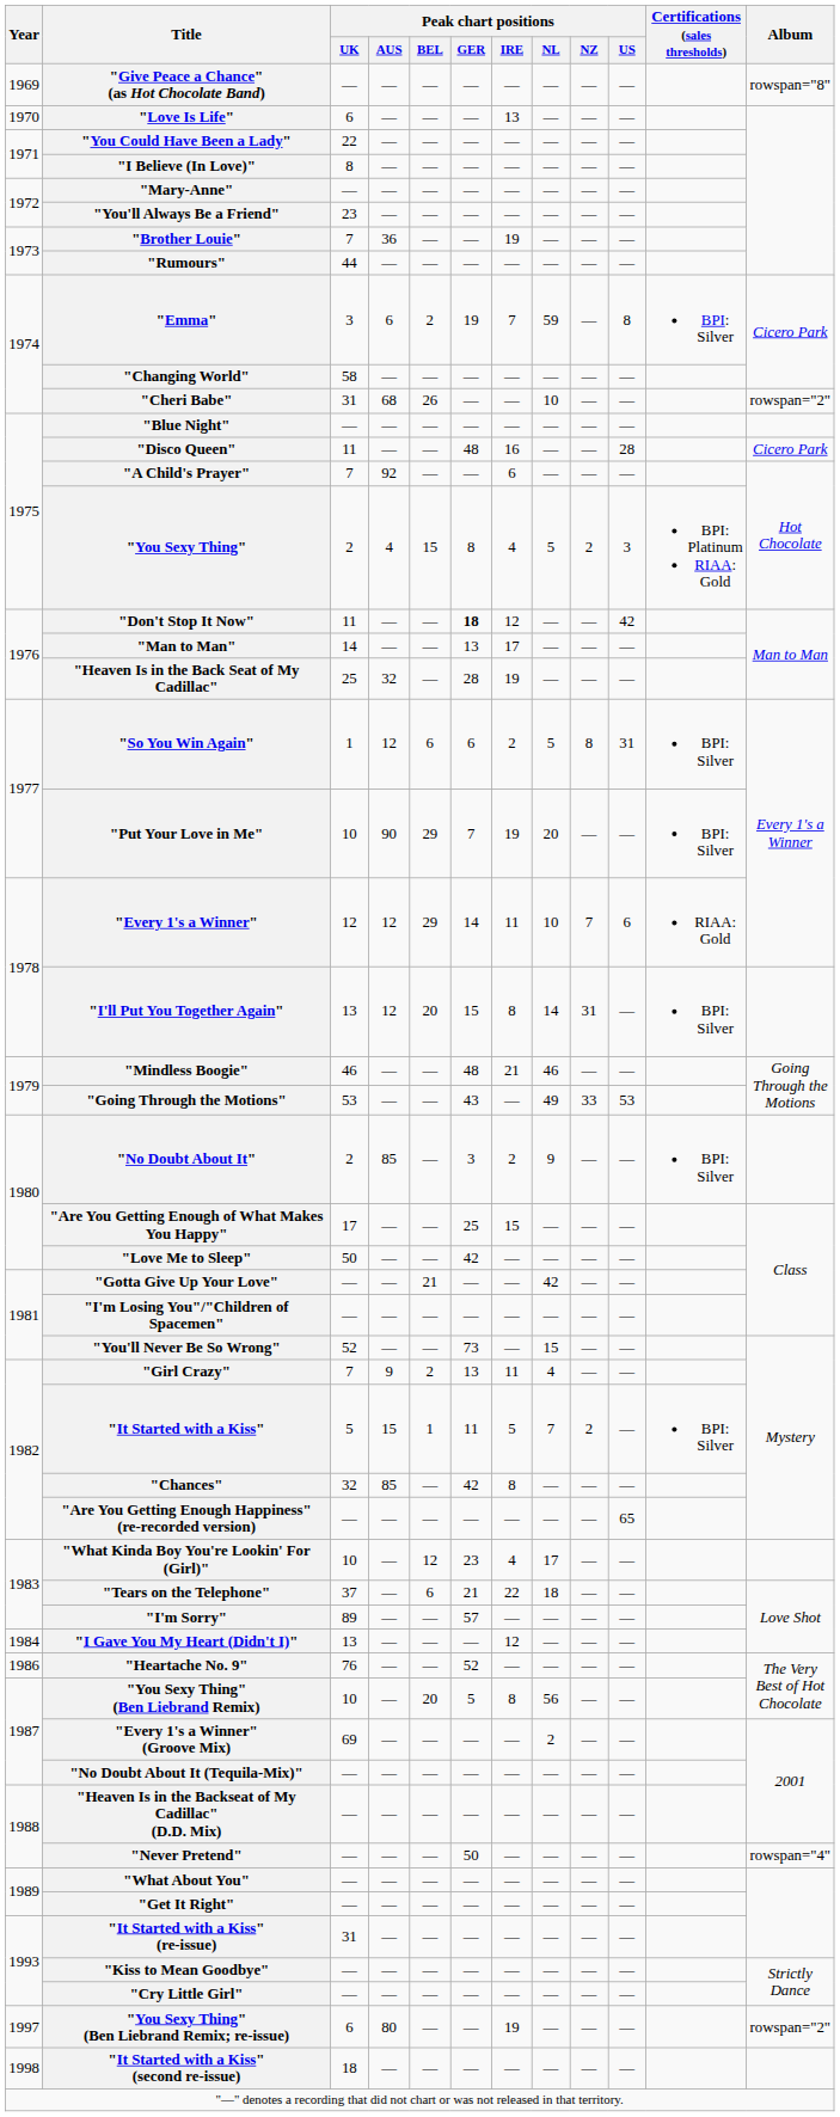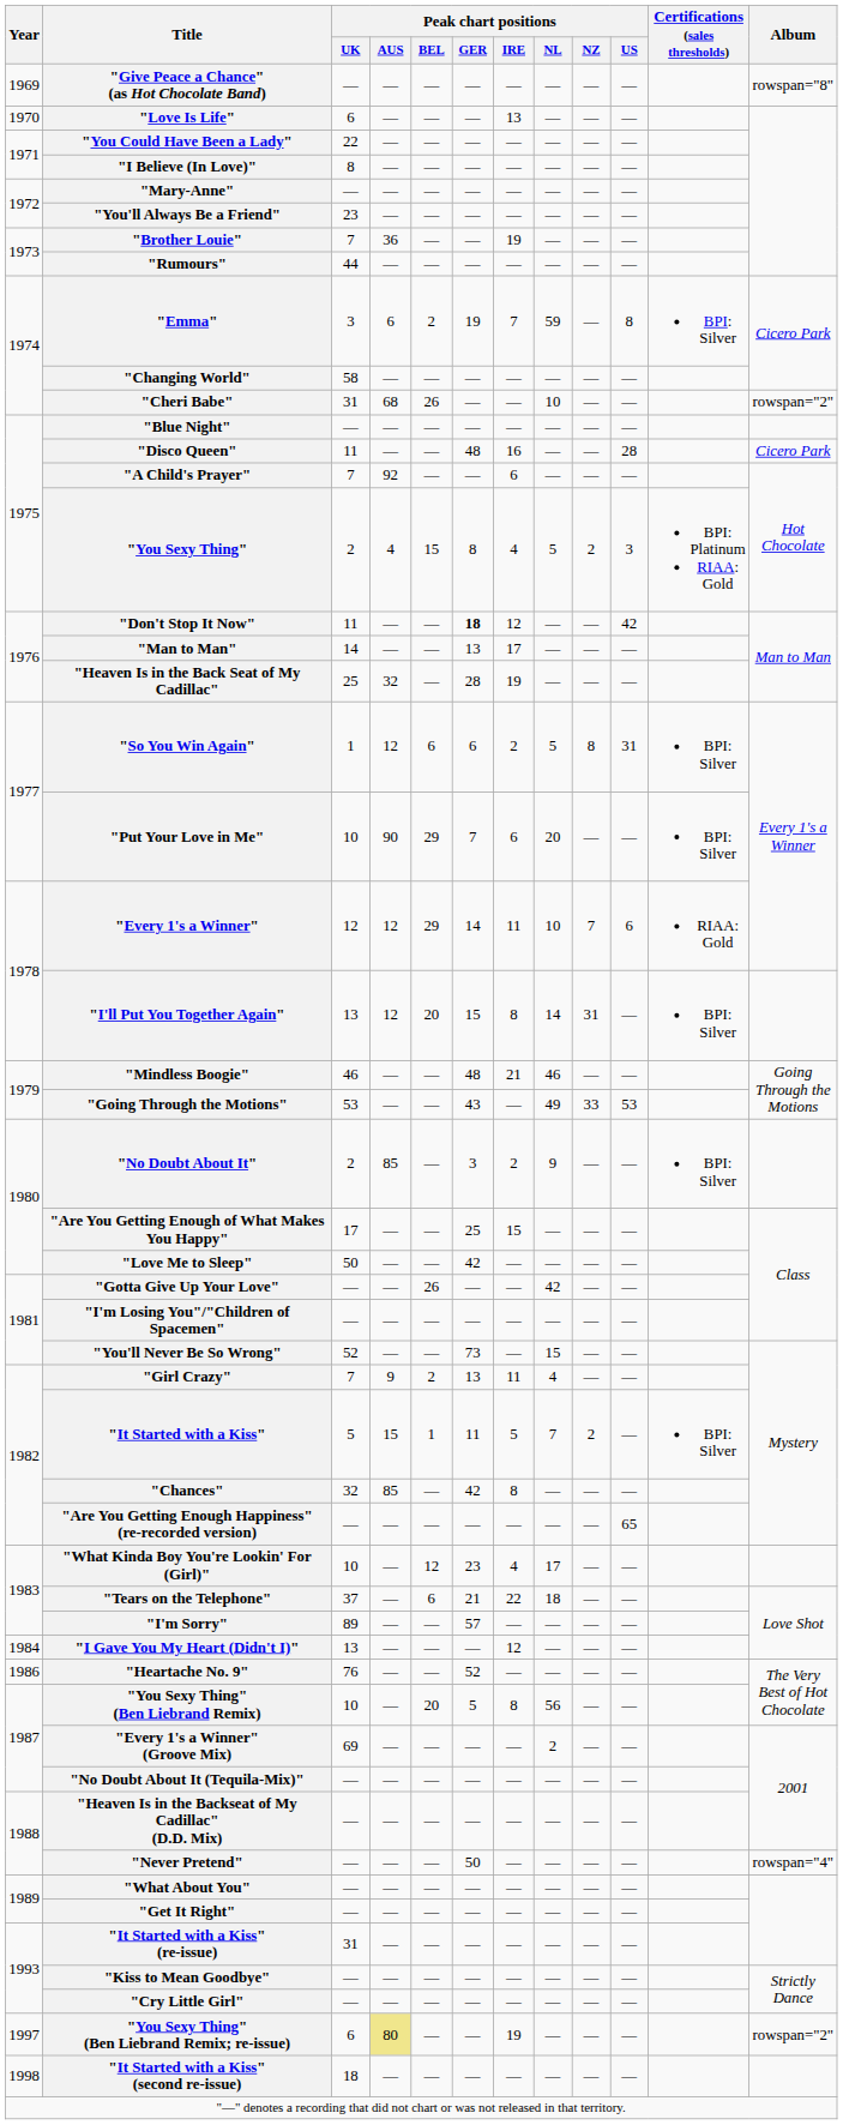 <table class="wikitable plainrowheaders" style="text-align:center;">
 <tr>
 <th scope="col" rowspan="2" style="width:1em;">Year</th>
 <th scope="col" rowspan="2" style="width:24em;">Title</th>
 <th scope="col" colspan="8">Peak chart positions</th>
 <th scope="col" rowspan="2"><a href='#'>Certifications</a><br><small>(<a href='#'>sales thresholds</a>)</small></th>
 <th scope="col" rowspan="2">Album</th>
 </tr>
 <tr>
 <th scope="col" style="width:3em;font-size:85%;"><a href='#'>UK</a><br></th>
 <th scope="col" style="width:3em;font-size:85%;"><a href='#'>AUS</a><br></th>
 <th scope="col" style="width:3em;font-size:85%;"><a href='#'>BEL</a><br></th>
 <th scope="col" style="width:3em;font-size:85%;"><a href='#'>GER</a><br></th>
 <th scope="col" style="width:3em;font-size:85%;"><a href='#'>IRE</a><br></th>
 <th scope="col" style="width:3em;font-size:85%;"><a href='#'>NL</a><br></th>
 <th scope="col" style="width:3em;font-size:85%;"><a href='#'>NZ</a><br></th>
 <th scope="col" style="width:3em;font-size:85%;"><a href='#'>US</a><br></th>
 </tr>
 <tr>
 <td>1969</td>
 <th scope="row">"<a href='#'>Give Peace a Chance</a>"<br><span>(as <em>Hot Chocolate Band</em>)</span></th>
 <td>—</td>
 <td>—</td>
 <td>—</td>
 <td>—</td>
 <td>—</td>
 <td>—</td>
 <td>—</td>
 <td>—</td>
 <td></td>
 <td>rowspan="8" </td>
 </tr>
 <tr>
 <td>1970</td>
 <th scope="row">"<a href='#'>Love Is Life</a>"</th>
 <td>6</td>
 <td>—</td>
 <td>—</td>
 <td>—</td>
 <td>13</td>
 <td>—</td>
 <td>—</td>
 <td>—</td>
 <td></td>
 </tr>
 <tr>
 <td rowspan="2">1971</td>
 <th scope="row">"<a href='#'>You Could Have Been a Lady</a>"</th>
 <td>22</td>
 <td>—</td>
 <td>—</td>
 <td>—</td>
 <td>—</td>
 <td>—</td>
 <td>—</td>
 <td>—</td>
 <td></td>
 </tr>
 <tr>
 <th scope="row">"I Believe (In Love)"</th>
 <td>8</td>
 <td>—</td>
 <td>—</td>
 <td>—</td>
 <td>—</td>
 <td>—</td>
 <td>—</td>
 <td>—</td>
 <td></td>
 </tr>
 <tr>
 <td rowspan="2">1972</td>
 <th scope="row">"Mary-Anne"</th>
 <td>—</td>
 <td>—</td>
 <td>—</td>
 <td>—</td>
 <td>—</td>
 <td>—</td>
 <td>—</td>
 <td>—</td>
 <td></td>
 </tr>
 <tr>
 <th scope="row">"You'll Always Be a Friend"</th>
 <td>23</td>
 <td>—</td>
 <td>—</td>
 <td>—</td>
 <td>—</td>
 <td>—</td>
 <td>—</td>
 <td>—</td>
 <td></td>
 </tr>
 <tr>
 <td rowspan="2">1973</td>
 <th scope="row">"<a href='#'>Brother Louie</a>"</th>
 <td>7</td>
 <td>36</td>
 <td>—</td>
 <td>—</td>
 <td>19</td>
 <td>—</td>
 <td>—</td>
 <td>—</td>
 <td></td>
 </tr>
 <tr>
 <th scope="row">"Rumours"</th>
 <td>44</td>
 <td>—</td>
 <td>—</td>
 <td>—</td>
 <td>—</td>
 <td>—</td>
 <td>—</td>
 <td>—</td>
 <td></td>
 </tr>
 <tr>
 <td rowspan="3">1974</td>
 <th scope="row">"<a href='#'>Emma</a>"</th>
 <td>3</td>
 <td>6</td>
 <td>2</td>
 <td>19</td>
 <td>7</td>
 <td>59</td>
 <td>—</td>
 <td>8</td>
 <td><br><ul><li><a href='#'>BPI</a>: Silver</li></ul></td>
 <td rowspan="2"><em><a href='#'>Cicero Park</a></em></td>
 </tr>
 <tr>
 <th scope="row">"Changing World"</th>
 <td>58</td>
 <td>—</td>
 <td>—</td>
 <td>—</td>
 <td>—</td>
 <td>—</td>
 <td>—</td>
 <td>—</td>
 <td></td>
 </tr>
 <tr>
 <th scope="row">"Cheri Babe"</th>
 <td>31</td>
 <td>68</td>
 <td>26</td>
 <td>—</td>
 <td>—</td>
 <td>10</td>
 <td>—</td>
 <td>—</td>
 <td></td>
 <td>rowspan="2" </td>
 </tr>
 <tr>
 <td rowspan="4">1975</td>
 <th scope="row">"Blue Night"</th>
 <td>—</td>
 <td>—</td>
 <td>—</td>
 <td>—</td>
 <td>—</td>
 <td>—</td>
 <td>—</td>
 <td>—</td>
 <td></td>
 </tr>
 <tr>
 <th scope="row">"Disco Queen"</th>
 <td>11</td>
 <td>—</td>
 <td>—</td>
 <td>48</td>
 <td>16</td>
 <td>—</td>
 <td>—</td>
 <td>28</td>
 <td></td>
 <td><em><a href='#'>Cicero Park</a></em></td>
 </tr>
 <tr>
 <th scope="row">"A Child's Prayer"</th>
 <td>7</td>
 <td>92</td>
 <td>—</td>
 <td>—</td>
 <td>6</td>
 <td>—</td>
 <td>—</td>
 <td>—</td>
 <td></td>
 <td rowspan="2"><em><a href='#'>Hot Chocolate</a></em></td>
 </tr>
 <tr>
 <th scope="row">"<a href='#'>You Sexy Thing</a>"</th>
 <td>2</td>
 <td>4</td>
 <td>15</td>
 <td>8</td>
 <td>4</td>
 <td>5</td>
 <td>2</td>
 <td>3</td>
 <td><br><ul><li>BPI: Platinum</li><li><a href='#'>RIAA</a>: Gold</li></ul></td>
 </tr>
 <tr>
 <td rowspan="3">1976</td>
 <th scope="row">"Don't Stop It Now"</th>
 <td>11</td>
 <td>—</td>
 <td>—</td>
 <td><strong>18</strong></td>
 <td>12</td>
 <td>—</td>
 <td>—</td>
 <td>42</td>
 <td></td>
 <td rowspan="3"><em><a href='#'>Man to Man</a></em></td>
 </tr>
 <tr>
 <th scope="row">"Man to Man"</th>
 <td>14</td>
 <td>—</td>
 <td>—</td>
 <td>13</td>
 <td>17</td>
 <td>—</td>
 <td>—</td>
 <td>—</td>
 <td></td>
 </tr>
 <tr>
 <th scope="row">"Heaven Is in the Back Seat of My Cadillac"</th>
 <td>25</td>
 <td>32</td>
 <td>—</td>
 <td>28</td>
 <td>19</td>
 <td>—</td>
 <td>—</td>
 <td>—</td>
 <td></td>
 </tr>
 <tr>
 <td rowspan="2">1977</td>
 <th scope="row">"<a href='#'>So You Win Again</a>"</th>
 <td>1</td>
 <td>12</td>
 <td>6</td>
 <td>6</td>
 <td>2</td>
 <td>5</td>
 <td>8</td>
 <td>31</td>
 <td><br><ul><li>BPI: Silver</li></ul></td>
 <td rowspan="3"><em><a href='#'>Every 1's a Winner</a></em></td>
 </tr>
 <tr>
 <th scope="row">"Put Your Love in Me"</th>
 <td>10</td>
 <td>90</td>
 <td>29</td>
 <td>7</td>
-<td>19</td>
+<td>6</td>
 <td>20</td>
 <td>—</td>
 <td>—</td>
 <td><br><ul><li>BPI: Silver</li></ul></td>
 </tr>
 <tr>
 <td rowspan="2">1978</td>
 <th scope="row">"<a href='#'>Every 1's a Winner</a>"</th>
 <td>12</td>
 <td>12</td>
 <td>29</td>
 <td>14</td>
 <td>11</td>
 <td>10</td>
 <td>7</td>
 <td>6</td>
 <td><br><ul><li>RIAA: Gold</li></ul></td>
 </tr>
 <tr>
 <th scope="row">"<a href='#'>I'll Put You Together Again</a>"</th>
 <td>13</td>
 <td>12</td>
 <td>20</td>
 <td>15</td>
 <td>8</td>
 <td>14</td>
 <td>31</td>
 <td>—</td>
 <td><br><ul><li>BPI: Silver</li></ul></td>
 <td></td>
 </tr>
 <tr>
 <td rowspan="2">1979</td>
 <th scope="row">"Mindless Boogie"</th>
 <td>46</td>
 <td>—</td>
 <td>—</td>
 <td>48</td>
 <td>21</td>
 <td>46</td>
 <td>—</td>
 <td>—</td>
 <td></td>
 <td rowspan="2"><em>Going Through the Motions</em></td>
 </tr>
 <tr>
 <th scope="row">"Going Through the Motions"</th>
 <td>53</td>
 <td>—</td>
 <td>—</td>
 <td>43</td>
 <td>—</td>
 <td>49</td>
 <td>33</td>
 <td>53</td>
 <td></td>
 </tr>
 <tr>
 <td rowspan="3">1980</td>
 <th scope="row">"<a href='#'>No Doubt About It</a>"</th>
 <td>2</td>
 <td>85</td>
 <td>—</td>
 <td>3</td>
 <td>2</td>
 <td>9</td>
 <td>—</td>
 <td>—</td>
 <td><br><ul><li>BPI: Silver</li></ul></td>
 <td></td>
 </tr>
 <tr>
 <th scope="row">"Are You Getting Enough of What Makes You Happy"</th>
 <td>17</td>
 <td>—</td>
 <td>—</td>
 <td>25</td>
 <td>15</td>
 <td>—</td>
 <td>—</td>
 <td>—</td>
 <td></td>
 <td rowspan="4"><em>Class</em></td>
 </tr>
 <tr>
 <th scope="row">"Love Me to Sleep"</th>
 <td>50</td>
 <td>—</td>
 <td>—</td>
 <td>42</td>
 <td>—</td>
 <td>—</td>
 <td>—</td>
 <td>—</td>
 <td></td>
 </tr>
 <tr>
 <td rowspan="3">1981</td>
 <th scope="row">"Gotta Give Up Your Love"</th>
 <td>—</td>
 <td>—</td>
-<td>21</td>
+<td>26</td>
 <td>—</td>
 <td>—</td>
 <td>42</td>
 <td>—</td>
 <td>—</td>
 <td></td>
 </tr>
 <tr>
 <th scope="row">"I'm Losing You"/"Children of Spacemen"</th>
 <td>—</td>
 <td>—</td>
 <td>—</td>
 <td>—</td>
 <td>—</td>
 <td>—</td>
 <td>—</td>
 <td>—</td>
 <td></td>
 </tr>
 <tr>
 <th scope="row">"You'll Never Be So Wrong"</th>
 <td>52</td>
 <td>—</td>
 <td>—</td>
 <td>73</td>
 <td>—</td>
 <td>15</td>
 <td>—</td>
 <td>—</td>
 <td></td>
 <td rowspan="5"><em>Mystery</em></td>
 </tr>
 <tr>
 <td rowspan="4">1982</td>
 <th scope="row">"Girl Crazy"</th>
 <td>7</td>
 <td>9</td>
 <td>2</td>
 <td>13</td>
 <td>11</td>
 <td>4</td>
 <td>—</td>
 <td>—</td>
 <td></td>
 </tr>
 <tr>
 <th scope="row">"<a href='#'>It Started with a Kiss</a>"</th>
 <td>5</td>
 <td>15</td>
 <td>1</td>
 <td>11</td>
 <td>5</td>
 <td>7</td>
 <td>2</td>
 <td>—</td>
 <td><br><ul><li>BPI: Silver</li></ul></td>
 </tr>
 <tr>
 <th scope="row">"Chances"</th>
 <td>32</td>
 <td>85</td>
 <td>—</td>
 <td>42</td>
 <td>8</td>
 <td>—</td>
 <td>—</td>
 <td>—</td>
 <td></td>
 </tr>
 <tr>
 <th scope="row">"Are You Getting Enough Happiness"<br><span>(re-recorded version)</span></th>
 <td>—</td>
 <td>—</td>
 <td>—</td>
 <td>—</td>
 <td>—</td>
 <td>—</td>
 <td>—</td>
 <td>65</td>
 <td></td>
 </tr>
 <tr>
 <td rowspan="3">1983</td>
 <th scope="row">"What Kinda Boy You're Lookin' For (Girl)"</th>
 <td>10</td>
 <td>—</td>
 <td>12</td>
 <td>23</td>
 <td>4</td>
 <td>17</td>
 <td>—</td>
 <td>—</td>
 <td></td>
 <td></td>
 </tr>
 <tr>
 <th scope="row">"Tears on the Telephone"</th>
 <td>37</td>
 <td>—</td>
 <td>6</td>
 <td>21</td>
 <td>22</td>
 <td>18</td>
 <td>—</td>
 <td>—</td>
 <td></td>
 <td rowspan="3"><em>Love Shot</em></td>
 </tr>
 <tr>
 <th scope="row">"I'm Sorry"</th>
 <td>89</td>
 <td>—</td>
 <td>—</td>
 <td>57</td>
 <td>—</td>
 <td>—</td>
 <td>—</td>
 <td>—</td>
 <td></td>
 </tr>
 <tr>
 <td>1984</td>
 <th scope="row">"<a href='#'>I Gave You My Heart (Didn't I)</a>"</th>
 <td>13</td>
 <td>—</td>
 <td>—</td>
 <td>—</td>
 <td>12</td>
 <td>—</td>
 <td>—</td>
 <td>—</td>
 <td></td>
 </tr>
 <tr>
 <td>1986</td>
 <th scope="row">"Heartache No. 9"</th>
 <td>76</td>
 <td>—</td>
 <td>—</td>
 <td>52</td>
 <td>—</td>
 <td>—</td>
 <td>—</td>
 <td>—</td>
 <td></td>
 <td rowspan="2"><em>The Very Best of Hot Chocolate</em></td>
 </tr>
 <tr>
 <td rowspan="3">1987</td>
 <th scope="row">"You Sexy Thing"<br><span>(<a href='#'>Ben Liebrand</a> Remix)</span></th>
 <td>10</td>
 <td>—</td>
 <td>20</td>
 <td>5</td>
 <td>8</td>
 <td>56</td>
 <td>—</td>
 <td>—</td>
 <td></td>
 </tr>
 <tr>
 <th scope="row">"Every 1's a Winner"<br><span>(Groove Mix)</span></th>
 <td>69</td>
 <td>—</td>
 <td>—</td>
 <td>—</td>
 <td>—</td>
 <td>2</td>
 <td>—</td>
 <td>—</td>
 <td></td>
 <td rowspan="3"><em>2001</em></td>
 </tr>
 <tr>
 <th scope="row">"No Doubt About It (Tequila-Mix)"</th>
 <td>—</td>
 <td>—</td>
 <td>—</td>
 <td>—</td>
 <td>—</td>
 <td>—</td>
 <td>—</td>
 <td>—</td>
 <td></td>
 </tr>
 <tr>
 <td rowspan="2">1988</td>
 <th scope="row">"Heaven Is in the Backseat of My Cadillac"<br><span>(D.D. Mix)</span></th>
 <td>—</td>
 <td>—</td>
 <td>—</td>
 <td>—</td>
 <td>—</td>
 <td>—</td>
 <td>—</td>
 <td>—</td>
 <td></td>
 </tr>
 <tr>
 <th scope="row">"Never Pretend"</th>
 <td>—</td>
 <td>—</td>
 <td>—</td>
 <td>50</td>
 <td>—</td>
 <td>—</td>
 <td>—</td>
 <td>—</td>
 <td></td>
 <td>rowspan="4" </td>
 </tr>
 <tr>
 <td rowspan="2">1989</td>
 <th scope="row">"What About You"</th>
 <td>—</td>
 <td>—</td>
 <td>—</td>
 <td>—</td>
 <td>—</td>
 <td>—</td>
 <td>—</td>
 <td>—</td>
 <td></td>
 </tr>
 <tr>
 <th scope="row">"Get It Right"</th>
 <td>—</td>
 <td>—</td>
 <td>—</td>
 <td>—</td>
 <td>—</td>
 <td>—</td>
 <td>—</td>
 <td>—</td>
 <td></td>
 </tr>
 <tr>
 <td rowspan="3">1993</td>
 <th scope="row">"<a href='#'>It Started with a Kiss</a>"<br><span>(re-issue)</span></th>
 <td>31</td>
 <td>—</td>
 <td>—</td>
 <td>—</td>
 <td>—</td>
 <td>—</td>
 <td>—</td>
 <td>—</td>
 <td></td>
 </tr>
 <tr>
 <th scope="row">"Kiss to Mean Goodbye"</th>
 <td>—</td>
 <td>—</td>
 <td>—</td>
 <td>—</td>
 <td>—</td>
 <td>—</td>
 <td>—</td>
 <td>—</td>
 <td></td>
 <td rowspan="2"><em>Strictly Dance</em></td>
 </tr>
 <tr>
 <th scope="row">"Cry Little Girl"</th>
 <td>—</td>
 <td>—</td>
 <td>—</td>
 <td>—</td>
 <td>—</td>
 <td>—</td>
 <td>—</td>
 <td>—</td>
 <td></td>
 </tr>
 <tr>
 <td>1997</td>
 <th scope="row">"<a href='#'>You Sexy Thing</a>"<br><span>(Ben Liebrand Remix; re-issue)</span></th>
 <td>6</td>
-<td>80</td>
+<td style="background: khaki;">80</td>
 <td>—</td>
 <td>—</td>
 <td>19</td>
 <td>—</td>
 <td>—</td>
 <td>—</td>
 <td></td>
 <td>rowspan="2" </td>
 </tr>
 <tr>
 <td>1998</td>
 <th scope="row">"<a href='#'>It Started with a Kiss</a>"<br><span>(second re-issue)</span></th>
 <td>18</td>
 <td>—</td>
 <td>—</td>
 <td>—</td>
 <td>—</td>
 <td>—</td>
 <td>—</td>
 <td>—</td>
 <td></td>
 </tr>
 <tr>
 <td colspan="20" style="text-align:center; font-size:85%;">"—" denotes a recording that did not chart or was not released in that territory.</td>
 </tr>
 </table>
